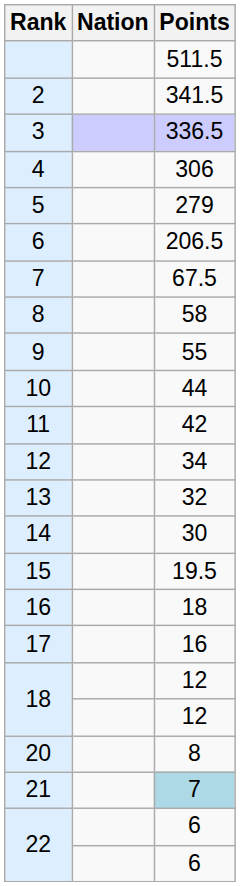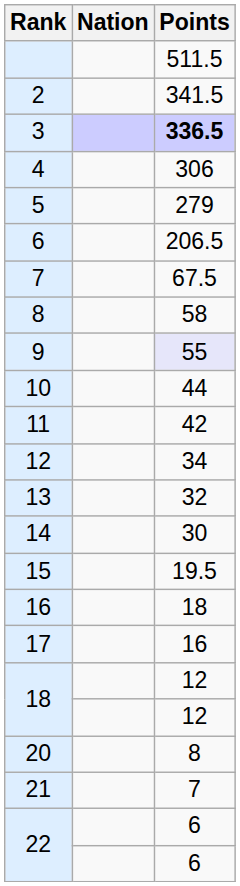 <table class="wikitable sortable" style="text-align:center">
 <tr>
 <th>Rank</th>
 <th>Nation</th>
 <th>Points</th>
 </tr>
 <tr>
 <td bgcolor = DDEEFF></td>
 <td align=left></td>
 <td>511.5</td>
 </tr>
 <tr>
 <td bgcolor = DDEEFF>2</td>
 <td align=left></td>
 <td>341.5</td>
 </tr>
 <tr style="background-color:#ccccff">
 <td bgcolor = DDEEFF>3</td>
 <td align=left></td>
-<td>336.5</td>
+<td><strong>336.5</strong></td>
 </tr>
 <tr>
 <td bgcolor = DDEEFF>4</td>
 <td align=left></td>
 <td>306</td>
 </tr>
 <tr>
 <td bgcolor = DDEEFF>5</td>
 <td align=left></td>
 <td>279</td>
 </tr>
 <tr>
 <td bgcolor = DDEEFF>6</td>
 <td align=left></td>
 <td>206.5</td>
 </tr>
 <tr>
 <td bgcolor = DDEEFF>7</td>
 <td align=left></td>
 <td>67.5</td>
 </tr>
 <tr>
 <td bgcolor = DDEEFF>8</td>
 <td align=left></td>
 <td>58</td>
 </tr>
 <tr>
 <td bgcolor = DDEEFF>9</td>
 <td align=left></td>
-<td>55</td>
+<td style="background: lavender;">55</td>
 </tr>
 <tr>
 <td bgcolor = DDEEFF>10</td>
 <td align=left></td>
 <td>44</td>
 </tr>
 <tr>
 <td bgcolor = DDEEFF>11</td>
 <td align=left></td>
 <td>42</td>
 </tr>
 <tr>
 <td bgcolor = DDEEFF>12</td>
 <td align=left></td>
 <td>34</td>
 </tr>
 <tr>
 <td bgcolor = DDEEFF>13</td>
 <td align=left></td>
 <td>32</td>
 </tr>
 <tr>
 <td bgcolor = DDEEFF>14</td>
 <td align=left></td>
 <td>30</td>
 </tr>
 <tr>
 <td bgcolor = DDEEFF>15</td>
 <td align=left></td>
 <td>19.5</td>
 </tr>
 <tr>
 <td bgcolor = DDEEFF>16</td>
 <td align=left></td>
 <td>18</td>
 </tr>
 <tr>
 <td bgcolor = DDEEFF>17</td>
 <td align=left></td>
 <td>16</td>
 </tr>
 <tr>
 <td bgcolor = DDEEFF rowspan="2">18</td>
 <td align=left></td>
 <td>12</td>
 </tr>
 <tr>
 <td align=left></td>
 <td>12</td>
 </tr>
 <tr>
 <td bgcolor = DDEEFF>20</td>
 <td align=left></td>
 <td>8</td>
 </tr>
 <tr>
 <td bgcolor = DDEEFF>21</td>
 <td align=left></td>
-<td style="background: lightblue;">7</td>
+<td>7</td>
 </tr>
 <tr>
 <td bgcolor = DDEEFF  rowspan="2">22</td>
 <td align=left></td>
 <td>6</td>
 </tr>
 <tr>
 <td align=left></td>
 <td>6</td>
 </tr>
 </table>
